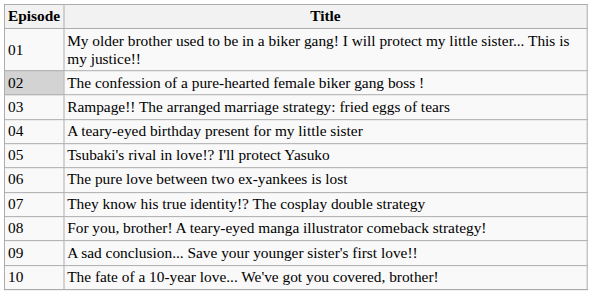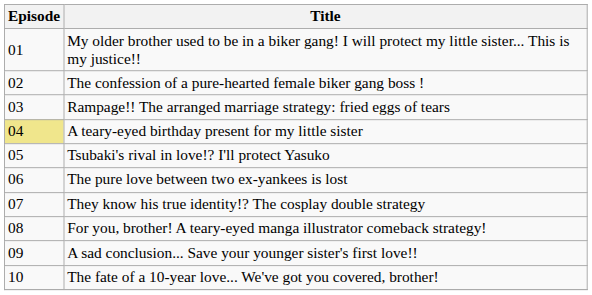 <table class="wikitable">
 <tr>
 <th>Episode</th>
 <th>Title</th>
 </tr>
 <tr>
 <td>01</td>
 <td>My older brother used to be in a biker gang! I will protect my little sister... This is my justice!!</td>
 </tr>
 <tr>
-<td style="background: lightgrey;">02</td>
+<td>02</td>
 <td>The confession of a pure-hearted female biker gang boss !</td>
 </tr>
 <tr>
 <td>03</td>
 <td>Rampage!! The arranged marriage strategy: fried eggs of tears</td>
 </tr>
 <tr>
-<td>04</td>
+<td style="background: khaki;">04</td>
 <td>A teary-eyed birthday present for my little sister</td>
 </tr>
 <tr>
 <td>05</td>
 <td>Tsubaki's rival in love!? I'll protect Yasuko</td>
 </tr>
 <tr>
 <td>06</td>
 <td>The pure love between two ex-yankees is lost</td>
 </tr>
 <tr>
 <td>07</td>
 <td>They know his true identity!? The cosplay double strategy</td>
 </tr>
 <tr>
 <td>08</td>
 <td>For you, brother! A teary-eyed manga illustrator comeback strategy!</td>
 </tr>
 <tr>
 <td>09</td>
 <td>A sad conclusion... Save your younger sister's first love!!</td>
 </tr>
 <tr>
 <td>10</td>
 <td>The fate of a 10-year love... We've got you covered, brother!</td>
 </tr>
 <tr>
 </tr>
 </table>
